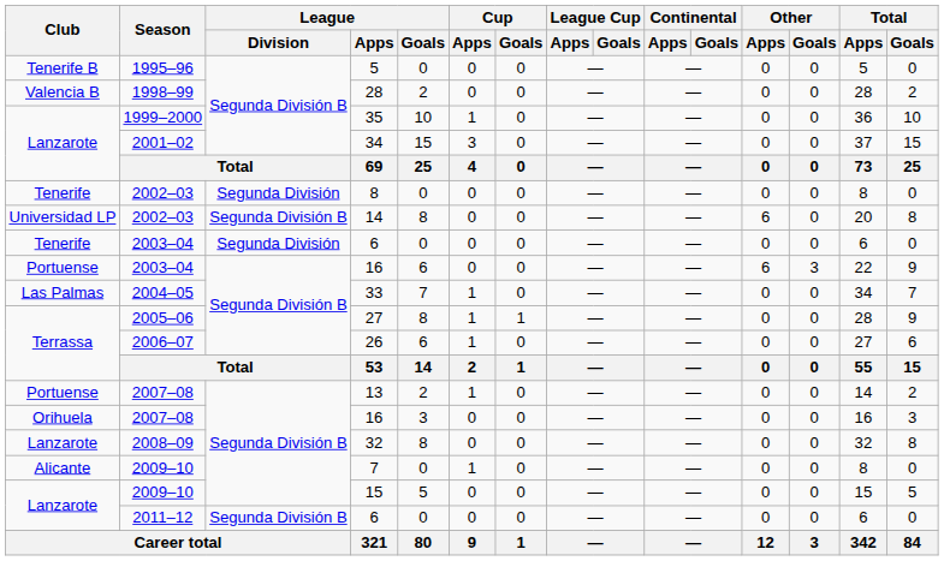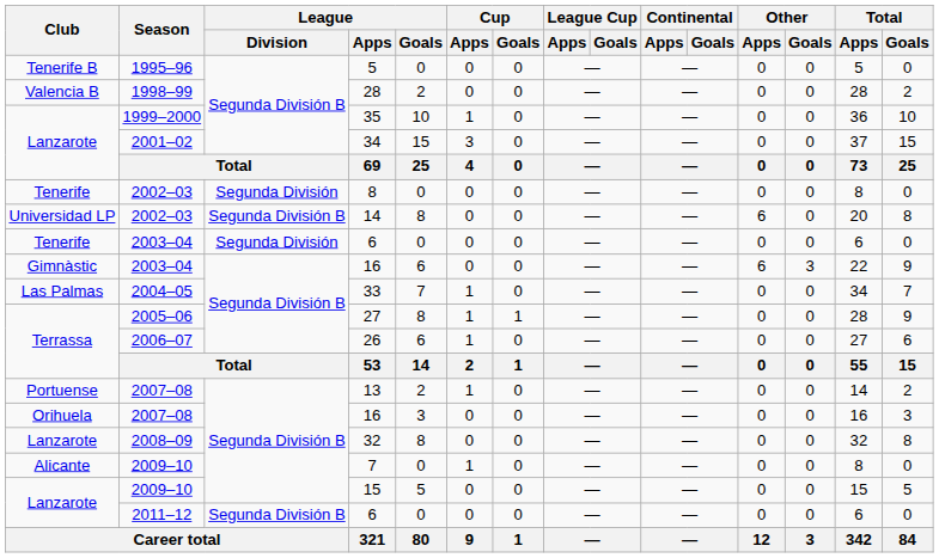 <table class="wikitable" style="text-align:center">
 <tr>
 <th rowspan="2">Club</th>
 <th rowspan="2">Season</th>
 <th colspan="3">League</th>
 <th colspan="2">Cup</th>
 <th colspan="2">League Cup</th>
 <th colspan="2">Continental</th>
 <th colspan="2">Other</th>
 <th colspan="2">Total</th>
 </tr>
 <tr>
 <th>Division</th>
 <th>Apps</th>
 <th>Goals</th>
 <th>Apps</th>
 <th>Goals</th>
 <th>Apps</th>
 <th>Goals</th>
 <th>Apps</th>
 <th>Goals</th>
 <th>Apps</th>
 <th>Goals</th>
 <th>Apps</th>
 <th>Goals</th>
 </tr>
 <tr>
 <td rowspan="1"><a href='#'>Tenerife B</a></td>
 <td><a href='#'>1995–96</a></td>
 <td rowspan="4"><a href='#'>Segunda División B</a></td>
 <td>5</td>
 <td>0</td>
 <td>0</td>
 <td>0</td>
 <td colspan="2">—</td>
 <td colspan="2">—</td>
 <td>0</td>
 <td>0</td>
 <td>5</td>
 <td>0</td>
 </tr>
 <tr>
 <td rowspan="1"><a href='#'>Valencia B</a></td>
 <td><a href='#'>1998–99</a></td>
 <td>28</td>
 <td>2</td>
 <td>0</td>
 <td>0</td>
 <td colspan="2">—</td>
 <td colspan="2">—</td>
 <td>0</td>
 <td>0</td>
 <td>28</td>
 <td>2</td>
 </tr>
 <tr>
 <td rowspan="3"><a href='#'>Lanzarote</a></td>
 <td><a href='#'>1999–2000</a></td>
 <td>35</td>
 <td>10</td>
 <td>1</td>
 <td>0</td>
 <td colspan="2">—</td>
 <td colspan="2">—</td>
 <td>0</td>
 <td>0</td>
 <td>36</td>
 <td>10</td>
 </tr>
 <tr>
 <td><a href='#'>2001–02</a></td>
 <td>34</td>
 <td>15</td>
 <td>3</td>
 <td>0</td>
 <td colspan="2">—</td>
 <td colspan="2">—</td>
 <td>0</td>
 <td>0</td>
 <td>37</td>
 <td>15</td>
 </tr>
 <tr>
 <th colspan="2">Total</th>
 <th>69</th>
 <th>25</th>
 <th>4</th>
 <th>0</th>
 <th colspan="2">—</th>
 <th colspan="2">—</th>
 <th>0</th>
 <th>0</th>
 <th>73</th>
 <th>25</th>
 </tr>
 <tr>
 <td rowspan="1"><a href='#'>Tenerife</a></td>
 <td><a href='#'>2002–03</a></td>
 <td rowspan="1"><a href='#'>Segunda División</a></td>
 <td>8</td>
 <td>0</td>
 <td>0</td>
 <td>0</td>
 <td colspan="2">—</td>
 <td colspan="2">—</td>
 <td>0</td>
 <td>0</td>
 <td>8</td>
 <td>0</td>
 </tr>
 <tr>
 <td rowspan="1"><a href='#'>Universidad LP</a></td>
 <td><a href='#'>2002–03</a></td>
 <td rowspan="1"><a href='#'>Segunda División B</a></td>
 <td>14</td>
 <td>8</td>
 <td>0</td>
 <td>0</td>
 <td colspan="2">—</td>
 <td colspan="2">—</td>
 <td>6</td>
 <td>0</td>
 <td>20</td>
 <td>8</td>
 </tr>
 <tr>
 <td rowspan="1"><a href='#'>Tenerife</a></td>
 <td><a href='#'>2003–04</a></td>
 <td rowspan="1"><a href='#'>Segunda División</a></td>
 <td>6</td>
 <td>0</td>
 <td>0</td>
 <td>0</td>
 <td colspan="2">—</td>
 <td colspan="2">—</td>
 <td>0</td>
 <td>0</td>
 <td>6</td>
 <td>0</td>
 </tr>
 <tr>
-<td rowspan="1"><a href='#'>Portuense</a></td>
+<td rowspan="1"><a href='#'>Gimnàstic</a></td>
 <td><a href='#'>2003–04</a></td>
 <td rowspan="4"><a href='#'>Segunda División B</a></td>
 <td>16</td>
 <td>6</td>
 <td>0</td>
 <td>0</td>
 <td colspan="2">—</td>
 <td colspan="2">—</td>
 <td>6</td>
 <td>3</td>
 <td>22</td>
 <td>9</td>
 </tr>
 <tr>
 <td rowspan="1"><a href='#'>Las Palmas</a></td>
 <td><a href='#'>2004–05</a></td>
 <td>33</td>
 <td>7</td>
 <td>1</td>
 <td>0</td>
 <td colspan="2">—</td>
 <td colspan="2">—</td>
 <td>0</td>
 <td>0</td>
 <td>34</td>
 <td>7</td>
 </tr>
 <tr>
 <td rowspan="3"><a href='#'>Terrassa</a></td>
 <td><a href='#'>2005–06</a></td>
 <td>27</td>
 <td>8</td>
 <td>1</td>
 <td>1</td>
 <td colspan="2">—</td>
 <td colspan="2">—</td>
 <td>0</td>
 <td>0</td>
 <td>28</td>
 <td>9</td>
 </tr>
 <tr>
 <td><a href='#'>2006–07</a></td>
 <td>26</td>
 <td>6</td>
 <td>1</td>
 <td>0</td>
 <td colspan="2">—</td>
 <td colspan="2">—</td>
 <td>0</td>
 <td>0</td>
 <td>27</td>
 <td>6</td>
 </tr>
 <tr>
 <th colspan="2">Total</th>
 <th>53</th>
 <th>14</th>
 <th>2</th>
 <th>1</th>
 <th colspan="2">—</th>
 <th colspan="2">—</th>
 <th>0</th>
 <th>0</th>
 <th>55</th>
 <th>15</th>
 </tr>
 <tr>
 <td rowspan="1"><a href='#'>Portuense</a></td>
 <td><a href='#'>2007–08</a></td>
 <td rowspan="5"><a href='#'>Segunda División B</a></td>
 <td>13</td>
 <td>2</td>
 <td>1</td>
 <td>0</td>
 <td colspan="2">—</td>
 <td colspan="2">—</td>
 <td>0</td>
 <td>0</td>
 <td>14</td>
 <td>2</td>
 </tr>
 <tr>
 <td rowspan="1"><a href='#'>Orihuela</a></td>
 <td><a href='#'>2007–08</a></td>
 <td>16</td>
 <td>3</td>
 <td>0</td>
 <td>0</td>
 <td colspan="2">—</td>
 <td colspan="2">—</td>
 <td>0</td>
 <td>0</td>
 <td>16</td>
 <td>3</td>
 </tr>
 <tr>
 <td rowspan="1"><a href='#'>Lanzarote</a></td>
 <td><a href='#'>2008–09</a></td>
 <td>32</td>
 <td>8</td>
 <td>0</td>
 <td>0</td>
 <td colspan="2">—</td>
 <td colspan="2">—</td>
 <td>0</td>
 <td>0</td>
 <td>32</td>
 <td>8</td>
 </tr>
 <tr>
 <td rowspan="1"><a href='#'>Alicante</a></td>
 <td><a href='#'>2009–10</a></td>
 <td>7</td>
 <td>0</td>
 <td>1</td>
 <td>0</td>
 <td colspan="2">—</td>
 <td colspan="2">—</td>
 <td>0</td>
 <td>0</td>
 <td>8</td>
 <td>0</td>
 </tr>
 <tr>
 <td rowspan="2"><a href='#'>Lanzarote</a></td>
 <td><a href='#'>2009–10</a></td>
 <td>15</td>
 <td>5</td>
 <td>0</td>
 <td>0</td>
 <td colspan="2">—</td>
 <td colspan="2">—</td>
 <td>0</td>
 <td>0</td>
 <td>15</td>
 <td>5</td>
 </tr>
 <tr>
 <td><a href='#'>2011–12</a></td>
 <td rowspan="1"><a href='#'>Segunda División B</a></td>
 <td>6</td>
 <td>0</td>
 <td>0</td>
 <td>0</td>
 <td colspan="2">—</td>
 <td colspan="2">—</td>
 <td>0</td>
 <td>0</td>
 <td>6</td>
 <td>0</td>
 </tr>
 <tr>
 <th colspan="3">Career total</th>
 <th>321</th>
 <th>80</th>
 <th>9</th>
 <th>1</th>
 <th colspan="2">—</th>
 <th colspan="2">—</th>
 <th>12</th>
 <th>3</th>
 <th>342</th>
 <th>84</th>
 </tr>
 </table>
